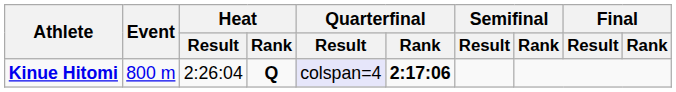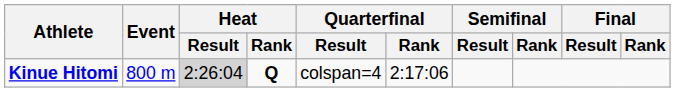 <table class="wikitable" style="font-size:90%">
 <tr>
 <th rowspan="2">Athlete</th>
 <th rowspan="2">Event</th>
 <th colspan="2">Heat</th>
 <th colspan="2">Quarterfinal</th>
 <th colspan="2">Semifinal</th>
 <th colspan="2">Final</th>
 </tr>
 <tr style="font-size:95%">
 <th>Result</th>
 <th>Rank</th>
 <th>Result</th>
 <th>Rank</th>
 <th>Result</th>
 <th>Rank</th>
 <th>Result</th>
 <th>Rank</th>
 </tr>
 <tr align=center>
 <td align=left><strong><a href='#'>Kinue Hitomi</a></strong></td>
 <td align=left rowspan=1><a href='#'>800 m</a></td>
-<td>2:26:04</td>
+<td style="background: lightgrey;">2:26:04</td>
 <td><strong>Q</strong></td>
-<td style="background: lavender;">colspan=4 </td>
-<td><strong>2:17:06</strong></td>
+<td>colspan=4 </td>
+<td>2:17:06</td>
 <td></td>
 </tr>
 </table>
